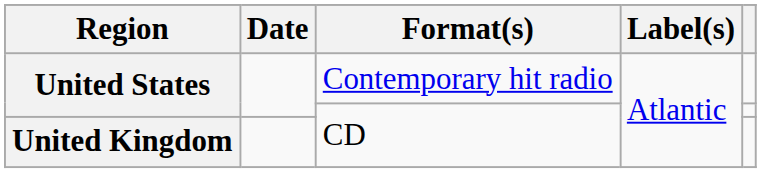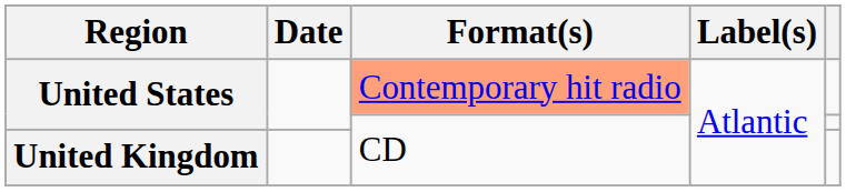 <table class="wikitable plainrowheaders">
 <tr>
 <th scope="col">Region</th>
 <th scope="col">Date</th>
 <th scope="col">Format(s)</th>
 <th scope="col">Label(s)</th>
 <th scope="col"></th>
 </tr>
 <tr>
 <th scope="row" rowspan="2">United States</th>
 <td rowspan="2"></td>
-<td><a href='#'>Contemporary hit radio</a></td>
+<td style="background: lightsalmon;"><a href='#'>Contemporary hit radio</a></td>
 <td rowspan="3"><a href='#'>Atlantic</a></td>
 <td></td>
 </tr>
 <tr>
 <td rowspan="2">CD</td>
 <td></td>
 </tr>
 <tr>
 <th scope="row">United Kingdom</th>
 <td></td>
 <td></td>
 </tr>
 </table>
